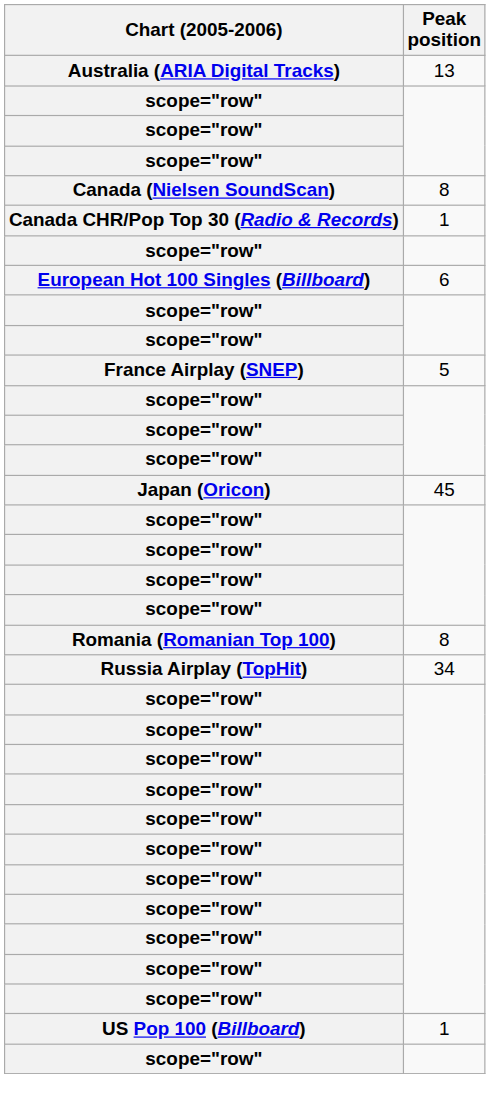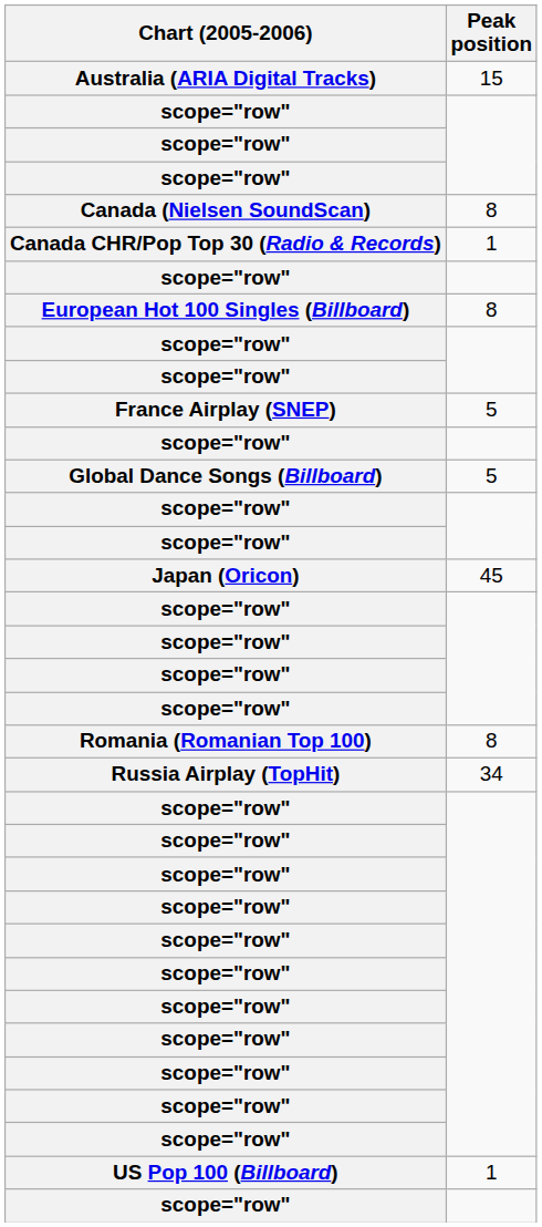 <table class="wikitable sortable plainrowheaders" style="text-align:center">
 <tr>
 <th scope="col">Chart (2005-2006)</th>
 <th scope="col">Peak<br>position</th>
 </tr>
 <tr>
 <th scope="row">Australia (<a href='#'>ARIA Digital Tracks</a>)</th>
-<td>13</td>
+<td>15</td>
 </tr>
 <tr>
 <th>scope="row" </th>
 </tr>
 <tr>
 <th>scope="row" </th>
 </tr>
 <tr>
 <th>scope="row" </th>
 </tr>
 <tr>
 <th scope="row">Canada (<a href='#'>Nielsen SoundScan</a>)</th>
 <td>8</td>
 </tr>
 <tr>
 <th scope="row">Canada CHR/Pop Top 30 (<em><a href='#'>Radio & Records</a></em>)</th>
 <td>1</td>
 </tr>
 <tr>
 <th>scope="row" </th>
 </tr>
 <tr>
 <th scope="row"><a href='#'>European Hot 100 Singles</a> (<em><a href='#'>Billboard</a></em>)</th>
-<td>6</td>
+<td>8</td>
 </tr>
 <tr>
 <th>scope="row" </th>
 </tr>
 <tr>
 <th>scope="row" </th>
 </tr>
 <tr>
 <th scope="row">France Airplay (<a href='#'>SNEP</a>)</th>
 <td>5</td>
 </tr>
 <tr>
 <th>scope="row" </th>
+</tr>
+<tr>
+<th scope="row">Global Dance Songs (<em><a href='#'>Billboard</a></em>)</th>
+<td>5</td>
 </tr>
 <tr>
 <th>scope="row" </th>
 </tr>
 <tr>
 <th>scope="row" </th>
 </tr>
 <tr>
 <th scope="row">Japan (<a href='#'>Oricon</a>)</th>
 <td>45</td>
 </tr>
 <tr>
 <th>scope="row" </th>
 </tr>
 <tr>
 <th>scope="row" </th>
 </tr>
 <tr>
 <th>scope="row" </th>
 </tr>
 <tr>
 <th>scope="row" </th>
 </tr>
 <tr>
 <th scope="row">Romania (<a href='#'>Romanian Top 100</a>)</th>
 <td>8</td>
 </tr>
 <tr>
 <th scope="row">Russia Airplay (<a href='#'>TopHit</a>)</th>
 <td>34</td>
 </tr>
 <tr>
 <th>scope="row" </th>
 </tr>
 <tr>
 <th>scope="row" </th>
 </tr>
 <tr>
 <th>scope="row" </th>
 </tr>
 <tr>
 <th>scope="row" </th>
 </tr>
 <tr>
 <th>scope="row" </th>
 </tr>
 <tr>
 <th>scope="row" </th>
 </tr>
 <tr>
 <th>scope="row" </th>
 </tr>
 <tr>
 <th>scope="row" </th>
 </tr>
 <tr>
 <th>scope="row" </th>
 </tr>
 <tr>
 <th>scope="row" </th>
 </tr>
 <tr>
 <th>scope="row" </th>
 </tr>
 <tr>
 <th scope="row">US <a href='#'>Pop 100</a> (<em><a href='#'>Billboard</a></em>)</th>
 <td>1</td>
 </tr>
 <tr>
 <th>scope="row" </th>
 </tr>
 </table>
